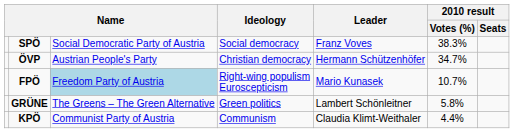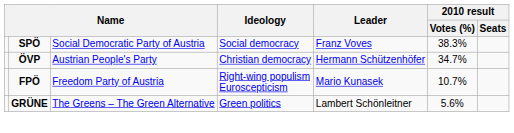 <table class="wikitable">
 <tr>
 <th rowspan="2" colspan="3">Name</th>
 <th rowspan="2">Ideology</th>
 <th rowspan="2">Leader</th>
 <th colspan="2">2010 result</th>
 </tr>
 <tr>
 <th>Votes (%)</th>
 <th>Seats</th>
 </tr>
 <tr>
 <td style="background:"></td>
 <td style="text-align:center;"><strong>SPÖ</strong></td>
 <td><a href='#'>Social Democratic Party of Austria</a><br></td>
 <td><a href='#'>Social democracy</a></td>
 <td><a href='#'>Franz Voves</a></td>
 <td style="text-align:center;">38.3%</td>
 <td></td>
 </tr>
 <tr>
 <td style="background:"></td>
 <td style="text-align:center;"><strong>ÖVP</strong></td>
 <td><a href='#'>Austrian People's Party</a><br></td>
 <td><a href='#'>Christian democracy</a></td>
 <td><a href='#'>Hermann Schützenhöfer</a></td>
 <td style="text-align:center;">34.7%</td>
 <td></td>
 </tr>
 <tr>
 <td style="background:"></td>
 <td style="text-align:center;"><strong>FPÖ</strong></td>
-<td style="background: lightblue;"><a href='#'>Freedom Party of Austria</a><br></td>
+<td><a href='#'>Freedom Party of Austria</a><br></td>
 <td><a href='#'>Right-wing populism</a><br><a href='#'>Euroscepticism</a></td>
 <td><a href='#'>Mario Kunasek</a></td>
 <td style="text-align:center;">10.7%</td>
 <td></td>
 </tr>
 <tr>
 <td style="background:"></td>
 <td style="text-align:center;"><strong>GRÜNE</strong></td>
 <td><a href='#'>The Greens – The Green Alternative</a><br></td>
 <td><a href='#'>Green politics</a></td>
 <td>Lambert Schönleitner</td>
-<td style="text-align:center;">5.8%</td>
-<td></td>
-</tr>
-<tr>
-<td style="background:"></td>
-<td style="text-align:center;"><strong>KPÖ</strong></td>
-<td><a href='#'>Communist Party of Austria</a><br></td>
-<td><a href='#'>Communism</a></td>
-<td>Claudia Klimt-Weithaler</td>
-<td style="text-align:center;">4.4%</td>
+<td style="text-align:center;">5.6%</td>
 <td></td>
 </tr>
 </table>
